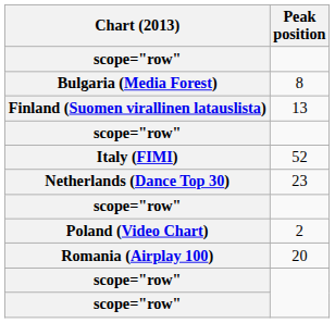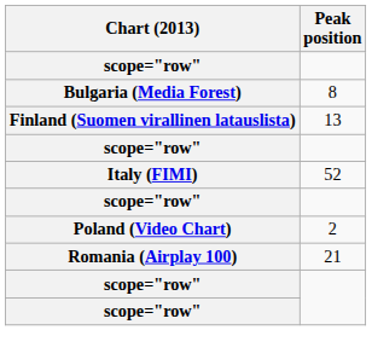 <table class="wikitable plainrowheaders sortable" style="text-align:center;">
 <tr>
 <th scope="col">Chart (2013)</th>
 <th scope="col">Peak<br>position</th>
 </tr>
 <tr>
 <th>scope="row" </th>
 </tr>
 <tr>
 <th scope="row">Bulgaria (<a href='#'>Media Forest</a>)</th>
 <td>8</td>
 </tr>
 <tr>
 <th scope="row">Finland (<a href='#'>Suomen virallinen latauslista</a>)</th>
 <td>13</td>
 </tr>
 <tr>
 <th>scope="row" </th>
 </tr>
 <tr>
 <th scope="row">Italy (<a href='#'>FIMI</a>)</th>
 <td>52</td>
 </tr>
 <tr>
-<th scope="row">Netherlands (<a href='#'>Dance Top 30</a>)</th>
-<td>23</td>
-</tr>
-<tr>
 <th>scope="row" </th>
 </tr>
 <tr>
 <th scope="row">Poland (<a href='#'>Video Chart</a>)</th>
 <td>2</td>
 </tr>
 <tr>
 <th scope="row">Romania (<a href='#'>Airplay 100</a>)</th>
-<td>20</td>
+<td>21</td>
 </tr>
 <tr>
 <th>scope="row" </th>
 </tr>
 <tr>
 <th>scope="row" </th>
 </tr>
 </table>
